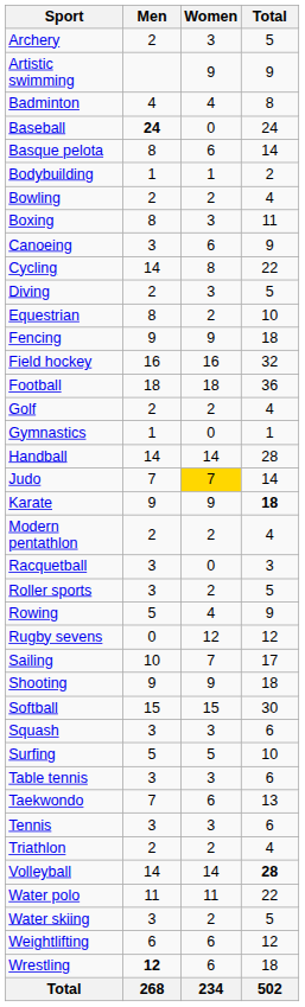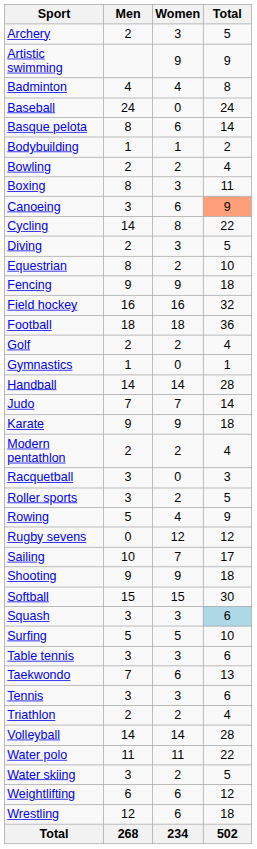 <table class="wikitable sortable" style="text-align:center;">
 <tr>
 <th width=120>Sport</th>
 <th width=55>Men</th>
 <th width=55>Women</th>
 <th width=55>Total</th>
 </tr>
 <tr>
 <td align=left><a href='#'>Archery</a></td>
 <td>2</td>
 <td>3</td>
 <td>5</td>
 </tr>
 <tr>
 <td align=left><a href='#'>Artistic swimming</a></td>
 <td></td>
 <td>9</td>
 <td>9</td>
 </tr>
 <tr>
 <td align=left><a href='#'>Badminton</a></td>
 <td>4</td>
 <td>4</td>
 <td>8</td>
 </tr>
 <tr>
 <td align=left><a href='#'>Baseball</a></td>
-<td><strong>24</strong></td>
+<td>24</td>
 <td>0</td>
 <td>24</td>
 </tr>
 <tr>
 <td align=left><a href='#'>Basque pelota</a></td>
 <td>8</td>
 <td>6</td>
 <td>14</td>
 </tr>
 <tr>
 <td align=left><a href='#'>Bodybuilding</a></td>
 <td>1</td>
 <td>1</td>
 <td>2</td>
 </tr>
 <tr>
 <td align=left><a href='#'>Bowling</a></td>
 <td>2</td>
 <td>2</td>
 <td>4</td>
 </tr>
 <tr>
 <td align=left><a href='#'>Boxing</a></td>
 <td>8</td>
 <td>3</td>
 <td>11</td>
 </tr>
 <tr>
 <td align=left><a href='#'>Canoeing</a></td>
 <td>3</td>
 <td>6</td>
-<td>9</td>
+<td style="background: lightsalmon;">9</td>
 </tr>
 <tr>
 <td align=left><a href='#'>Cycling</a></td>
 <td>14</td>
 <td>8</td>
 <td>22</td>
 </tr>
 <tr>
 <td align=left><a href='#'>Diving</a></td>
 <td>2</td>
 <td>3</td>
 <td>5</td>
 </tr>
 <tr>
 <td align=left><a href='#'>Equestrian</a></td>
 <td>8</td>
 <td>2</td>
 <td>10</td>
 </tr>
 <tr>
 <td align=left><a href='#'>Fencing</a></td>
 <td>9</td>
 <td>9</td>
 <td>18</td>
 </tr>
 <tr>
 <td align=left><a href='#'>Field hockey</a></td>
 <td>16</td>
 <td>16</td>
 <td>32</td>
 </tr>
 <tr>
 <td align=left><a href='#'>Football</a></td>
 <td>18</td>
 <td>18</td>
 <td>36</td>
 </tr>
 <tr>
 <td align=left><a href='#'>Golf</a></td>
 <td>2</td>
 <td>2</td>
 <td>4</td>
 </tr>
 <tr>
 <td align=left><a href='#'>Gymnastics</a></td>
 <td>1</td>
 <td>0</td>
 <td>1</td>
 </tr>
 <tr>
 <td align=left><a href='#'>Handball</a></td>
 <td>14</td>
 <td>14</td>
 <td>28</td>
 </tr>
 <tr>
 <td align=left><a href='#'>Judo</a></td>
 <td>7</td>
-<td style="background: gold;">7</td>
+<td>7</td>
 <td>14</td>
 </tr>
 <tr>
 <td align=left><a href='#'>Karate</a></td>
 <td>9</td>
 <td>9</td>
-<td><strong>18</strong></td>
+<td>18</td>
 </tr>
 <tr>
 <td align=left><a href='#'>Modern pentathlon</a></td>
 <td>2</td>
 <td>2</td>
 <td>4</td>
 </tr>
 <tr>
 <td align=left><a href='#'>Racquetball</a></td>
 <td>3</td>
 <td>0</td>
 <td>3</td>
 </tr>
 <tr>
 <td align=left><a href='#'>Roller sports</a></td>
 <td>3</td>
 <td>2</td>
 <td>5</td>
 </tr>
 <tr>
 <td align=left><a href='#'>Rowing</a></td>
 <td>5</td>
 <td>4</td>
 <td>9</td>
 </tr>
 <tr>
 <td align=left><a href='#'>Rugby sevens</a></td>
 <td>0</td>
 <td>12</td>
 <td>12</td>
 </tr>
 <tr>
 <td align=left><a href='#'>Sailing</a></td>
 <td>10</td>
 <td>7</td>
 <td>17</td>
 </tr>
 <tr>
 <td align=left><a href='#'>Shooting</a></td>
 <td>9</td>
 <td>9</td>
 <td>18</td>
 </tr>
 <tr>
 <td align=left><a href='#'>Softball</a></td>
 <td>15</td>
 <td>15</td>
 <td>30</td>
 </tr>
 <tr>
 <td align=left><a href='#'>Squash</a></td>
 <td>3</td>
 <td>3</td>
-<td>6</td>
+<td style="background: lightblue;">6</td>
 </tr>
 <tr>
 <td align=left><a href='#'>Surfing</a></td>
 <td>5</td>
 <td>5</td>
 <td>10</td>
 </tr>
 <tr>
 <td align=left><a href='#'>Table tennis</a></td>
 <td>3</td>
 <td>3</td>
 <td>6</td>
 </tr>
 <tr>
 <td align=left><a href='#'>Taekwondo</a></td>
 <td>7</td>
 <td>6</td>
 <td>13</td>
 </tr>
 <tr>
 <td align=left><a href='#'>Tennis</a></td>
 <td>3</td>
 <td>3</td>
 <td>6</td>
 </tr>
 <tr>
 <td align=left><a href='#'>Triathlon</a></td>
 <td>2</td>
 <td>2</td>
 <td>4</td>
 </tr>
 <tr>
 <td align=left><a href='#'>Volleyball</a></td>
 <td>14</td>
 <td>14</td>
-<td><strong>28</strong></td>
+<td>28</td>
 </tr>
 <tr>
 <td align=left><a href='#'>Water polo</a></td>
 <td>11</td>
 <td>11</td>
 <td>22</td>
 </tr>
 <tr>
 <td align=left><a href='#'>Water skiing</a></td>
 <td>3</td>
 <td>2</td>
 <td>5</td>
 </tr>
 <tr>
 <td align=left><a href='#'>Weightlifting</a></td>
 <td>6</td>
 <td>6</td>
 <td>12</td>
 </tr>
 <tr>
 <td align=left><a href='#'>Wrestling</a></td>
-<td><strong>12</strong></td>
+<td>12</td>
 <td>6</td>
 <td>18</td>
 </tr>
 <tr>
 <th>Total</th>
 <th>268</th>
 <th>234</th>
 <th>502</th>
 </tr>
 </table>
